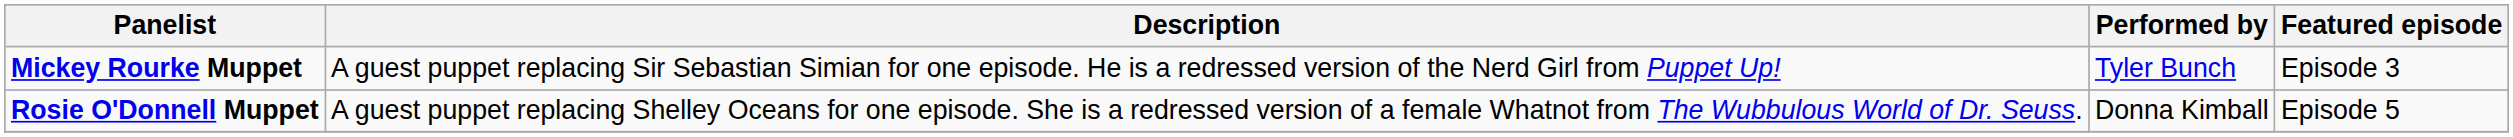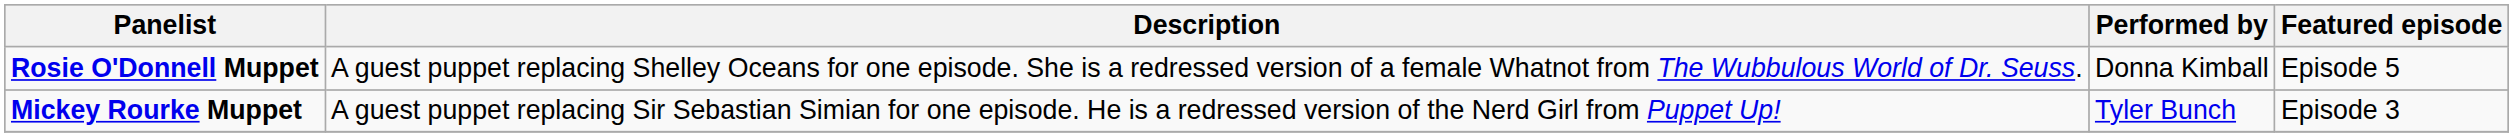 <table class="wikitable">
 <tr>
 <th>Panelist</th>
 <th>Description</th>
 <th>Performed by</th>
 <th>Featured episode</th>
 </tr>
 <tr>
+<td><strong><a href='#'>Rosie O'Donnell</a> Muppet</strong></td>
+<td>A guest puppet replacing Shelley Oceans for one episode. She is a redressed version of a female Whatnot from <em><a href='#'>The Wubbulous World of Dr. Seuss</a></em>.</td>
+<td>Donna Kimball</td>
+<td>Episode 5</td>
+</tr>
+<tr>
 <td><strong><a href='#'>Mickey Rourke</a> Muppet</strong></td>
 <td>A guest puppet replacing Sir Sebastian Simian for one episode. He is a redressed version of the Nerd Girl from <em><a href='#'>Puppet Up!</a></em></td>
 <td><a href='#'>Tyler Bunch</a></td>
 <td>Episode 3</td>
 </tr>
 <tr>
-<td><strong><a href='#'>Rosie O'Donnell</a> Muppet</strong></td>
-<td>A guest puppet replacing Shelley Oceans for one episode. She is a redressed version of a female Whatnot from <em><a href='#'>The Wubbulous World of Dr. Seuss</a></em>.</td>
-<td>Donna Kimball</td>
-<td>Episode 5</td>
-</tr>
-<tr>
 </tr>
 </table>
